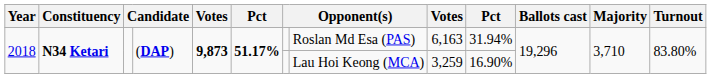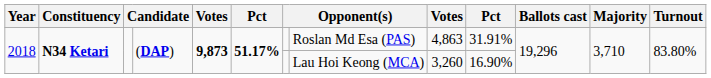 <table class="wikitable" style="margin:0.5em ; font-size:95%">
 <tr>
 <th>Year</th>
 <th>Constituency</th>
 <th colspan=2>Candidate</th>
 <th>Votes</th>
 <th>Pct</th>
 <th colspan=2>Opponent(s)</th>
 <th>Votes</th>
 <th>Pct</th>
 <th>Ballots cast</th>
 <th>Majority</th>
 <th>Turnout</th>
 </tr>
 <tr>
 <td rowspan=2><a href='#'>2018</a></td>
 <td rowspan=2><strong>N34 <a href='#'>Ketari</a></strong></td>
 <td rowspan="2" ></td>
 <td rowspan=2> (<a href='#'><strong>DAP</strong></a>)</td>
 <td rowspan=2 align="right"><strong>9,873</strong></td>
 <td rowspan=2><strong>51.17%</strong></td>
 <td></td>
 <td>Roslan Md Esa (<a href='#'>PAS</a>)</td>
-<td align="right">6,163</td>
-<td>31.94%</td>
+<td align="right">4,863</td>
+<td>31.91%</td>
 <td rowspan=2>19,296</td>
 <td rowspan=2>3,710</td>
 <td rowspan=2>83.80%</td>
 </tr>
 <tr>
 <td></td>
 <td>Lau Hoi Keong (<a href='#'>MCA</a>)</td>
-<td align="right">3,259</td>
+<td align="right">3,260</td>
 <td>16.90%</td>
 </tr>
 </table>
